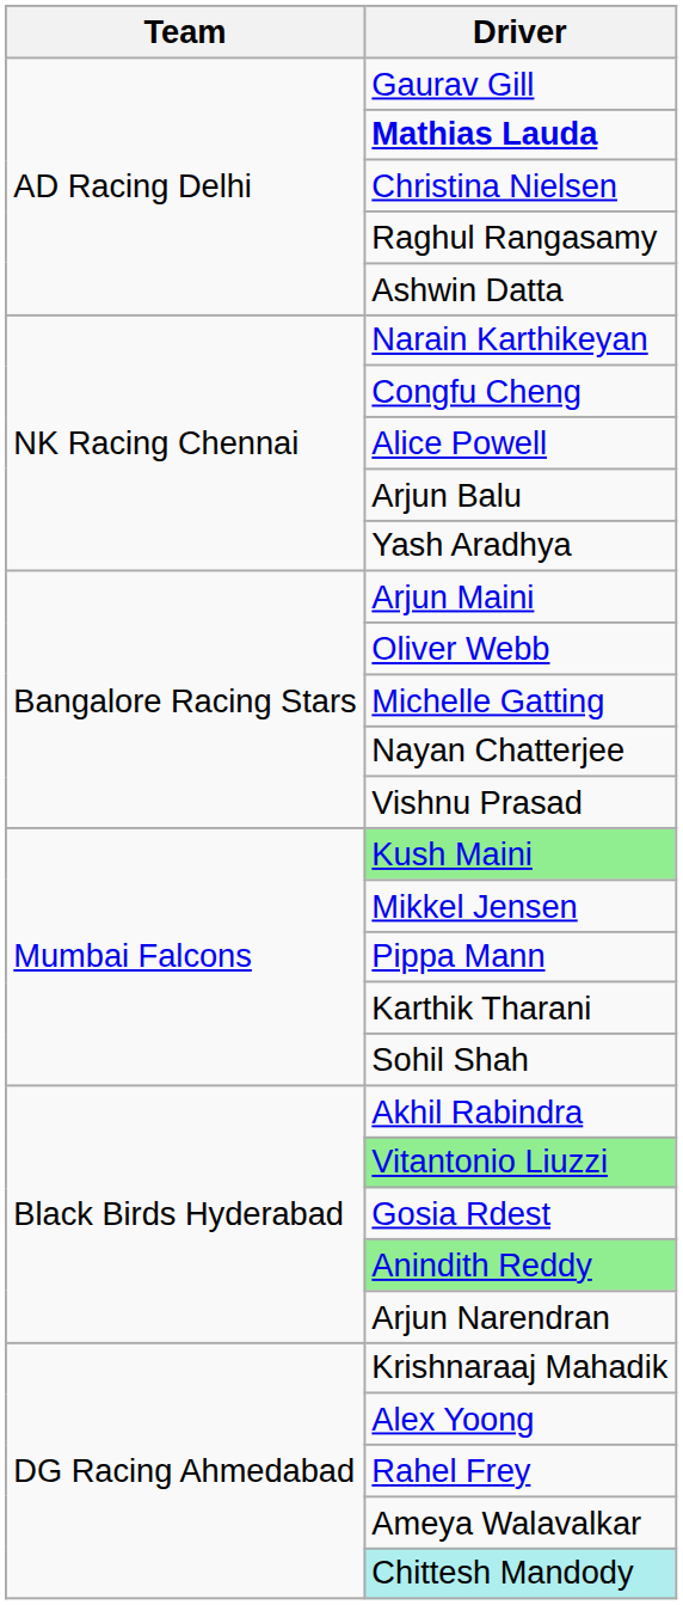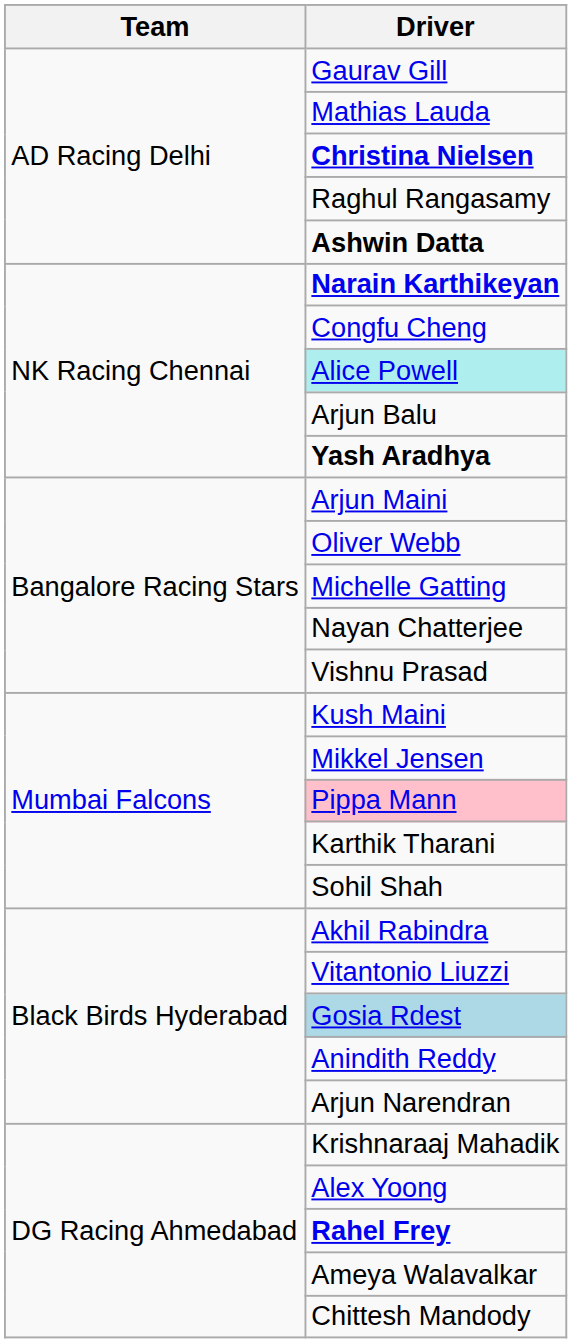 <table class="wikitable" style="font-size: 90%;">
 <tr>
 <th>Team</th>
 <th>Driver</th>
 </tr>
 <tr>
 <td rowspan="5"> AD Racing Delhi</td>
 <td> <a href='#'>Gaurav Gill</a></td>
 </tr>
 <tr>
-<td><strong> <a href='#'>Mathias Lauda</a></strong></td>
+<td> <a href='#'>Mathias Lauda</a></td>
 </tr>
 <tr>
-<td> <a href='#'>Christina Nielsen</a></td>
+<td><strong> <a href='#'>Christina Nielsen</a></strong></td>
 </tr>
 <tr>
 <td> Raghul Rangasamy</td>
 </tr>
 <tr>
-<td> Ashwin Datta</td>
+<td><strong> Ashwin Datta</strong></td>
 </tr>
 <tr>
 <td rowspan="5"> NK Racing Chennai</td>
-<td> <a href='#'>Narain Karthikeyan</a></td>
+<td><strong> <a href='#'>Narain Karthikeyan</a></strong></td>
 </tr>
 <tr>
 <td> <a href='#'>Congfu Cheng</a></td>
 </tr>
 <tr>
-<td> <a href='#'>Alice Powell</a></td>
+<td style="background: paleturquoise;"> <a href='#'>Alice Powell</a></td>
 </tr>
 <tr>
 <td> Arjun Balu</td>
 </tr>
 <tr>
-<td> Yash Aradhya</td>
+<td><strong> Yash Aradhya</strong></td>
 </tr>
 <tr>
 <td rowspan="5"> Bangalore Racing Stars</td>
 <td> <a href='#'>Arjun Maini</a></td>
 </tr>
 <tr>
 <td> <a href='#'>Oliver Webb</a></td>
 </tr>
 <tr>
 <td> <a href='#'>Michelle Gatting</a></td>
 </tr>
 <tr>
 <td> Nayan Chatterjee</td>
 </tr>
 <tr>
 <td> Vishnu Prasad</td>
 </tr>
 <tr>
 <td rowspan="5"> <a href='#'>Mumbai Falcons</a></td>
-<td style="background: lightgreen;"> <a href='#'>Kush Maini</a></td>
+<td> <a href='#'>Kush Maini</a></td>
 </tr>
 <tr>
 <td> <a href='#'>Mikkel Jensen</a></td>
 </tr>
 <tr>
-<td> <a href='#'>Pippa Mann</a></td>
+<td style="background: pink;"> <a href='#'>Pippa Mann</a></td>
 </tr>
 <tr>
 <td> Karthik Tharani</td>
 </tr>
 <tr>
 <td> Sohil Shah</td>
 </tr>
 <tr>
 <td rowspan="5"> Black Birds Hyderabad</td>
 <td> <a href='#'>Akhil Rabindra</a></td>
 </tr>
 <tr>
-<td style="background: lightgreen;"> <a href='#'>Vitantonio Liuzzi</a></td>
+<td> <a href='#'>Vitantonio Liuzzi</a></td>
 </tr>
 <tr>
-<td> <a href='#'>Gosia Rdest</a></td>
+<td style="background: lightblue;"> <a href='#'>Gosia Rdest</a></td>
 </tr>
 <tr>
-<td style="background: lightgreen;"> <a href='#'>Anindith Reddy</a></td>
+<td> <a href='#'>Anindith Reddy</a></td>
 </tr>
 <tr>
 <td> Arjun Narendran</td>
 </tr>
 <tr>
 <td rowspan="5"> DG Racing Ahmedabad</td>
 <td> Krishnaraaj Mahadik</td>
 </tr>
 <tr>
 <td> <a href='#'>Alex Yoong</a></td>
 </tr>
 <tr>
-<td> <a href='#'>Rahel Frey</a></td>
+<td><strong> <a href='#'>Rahel Frey</a></strong></td>
 </tr>
 <tr>
 <td> Ameya Walavalkar</td>
 </tr>
 <tr>
-<td style="background: paleturquoise;"> Chittesh Mandody</td>
+<td> Chittesh Mandody</td>
 </tr>
 </table>
